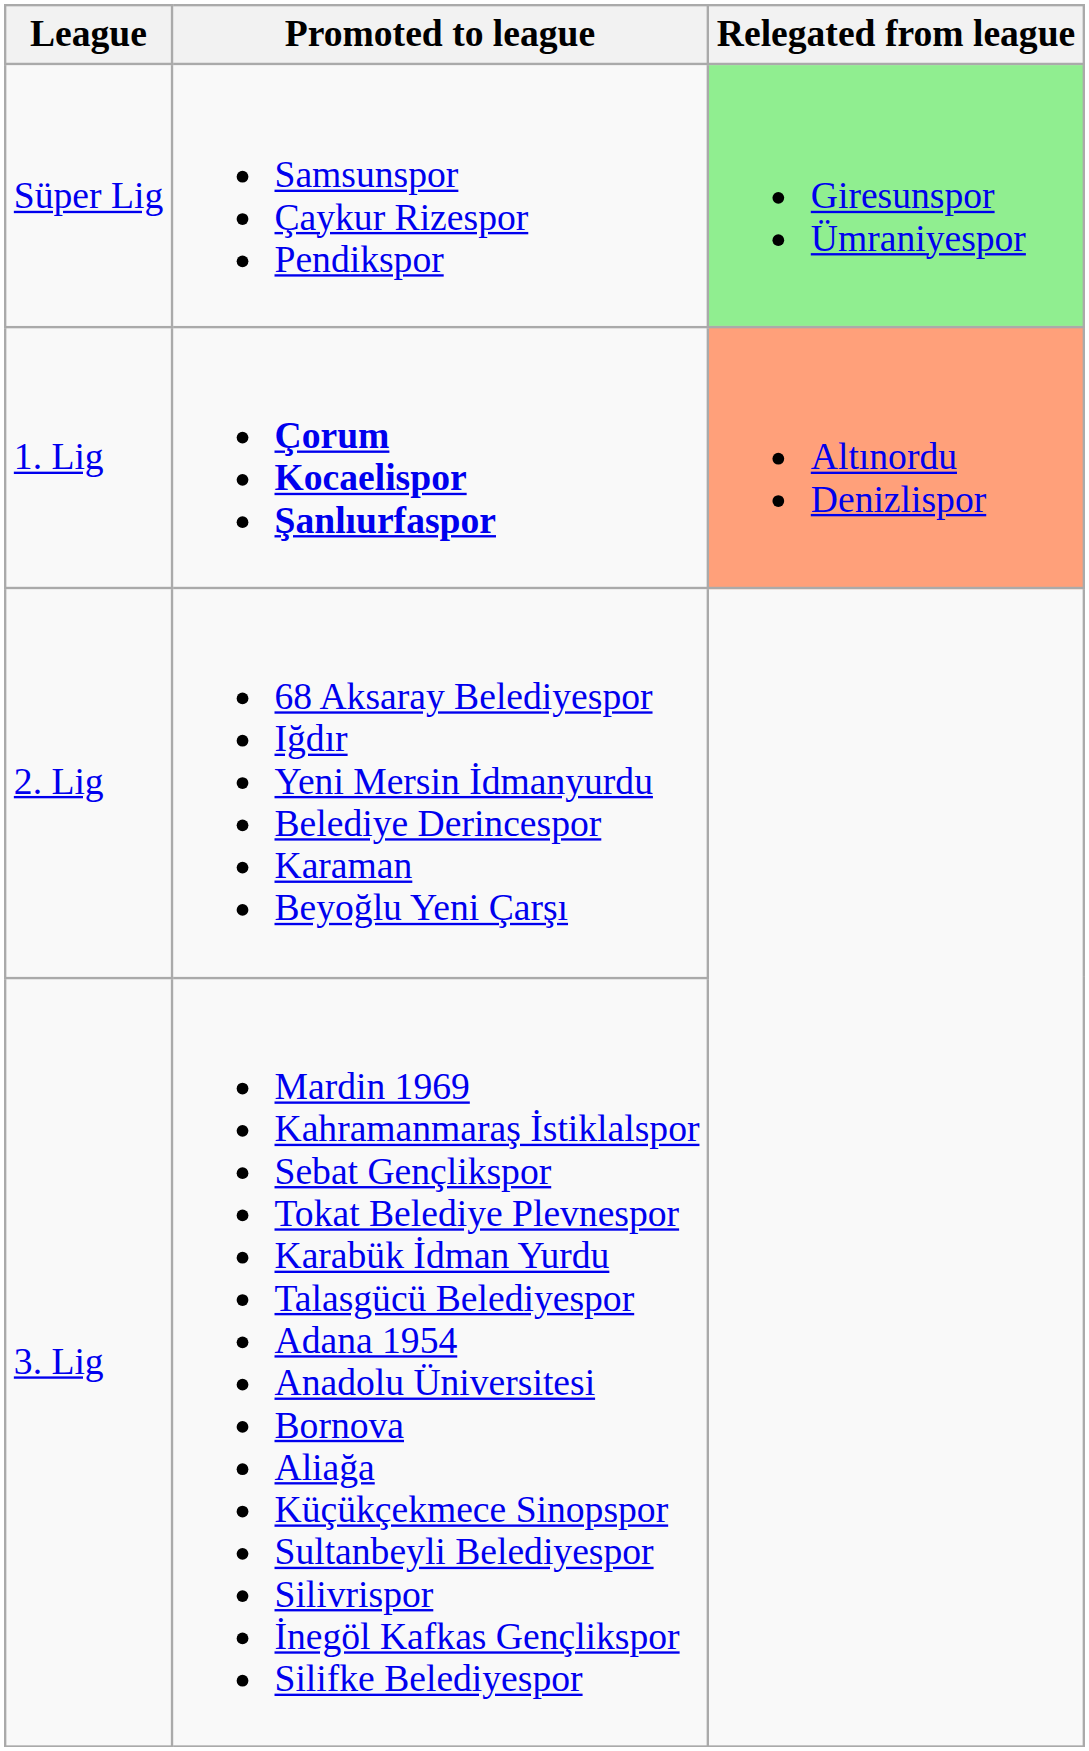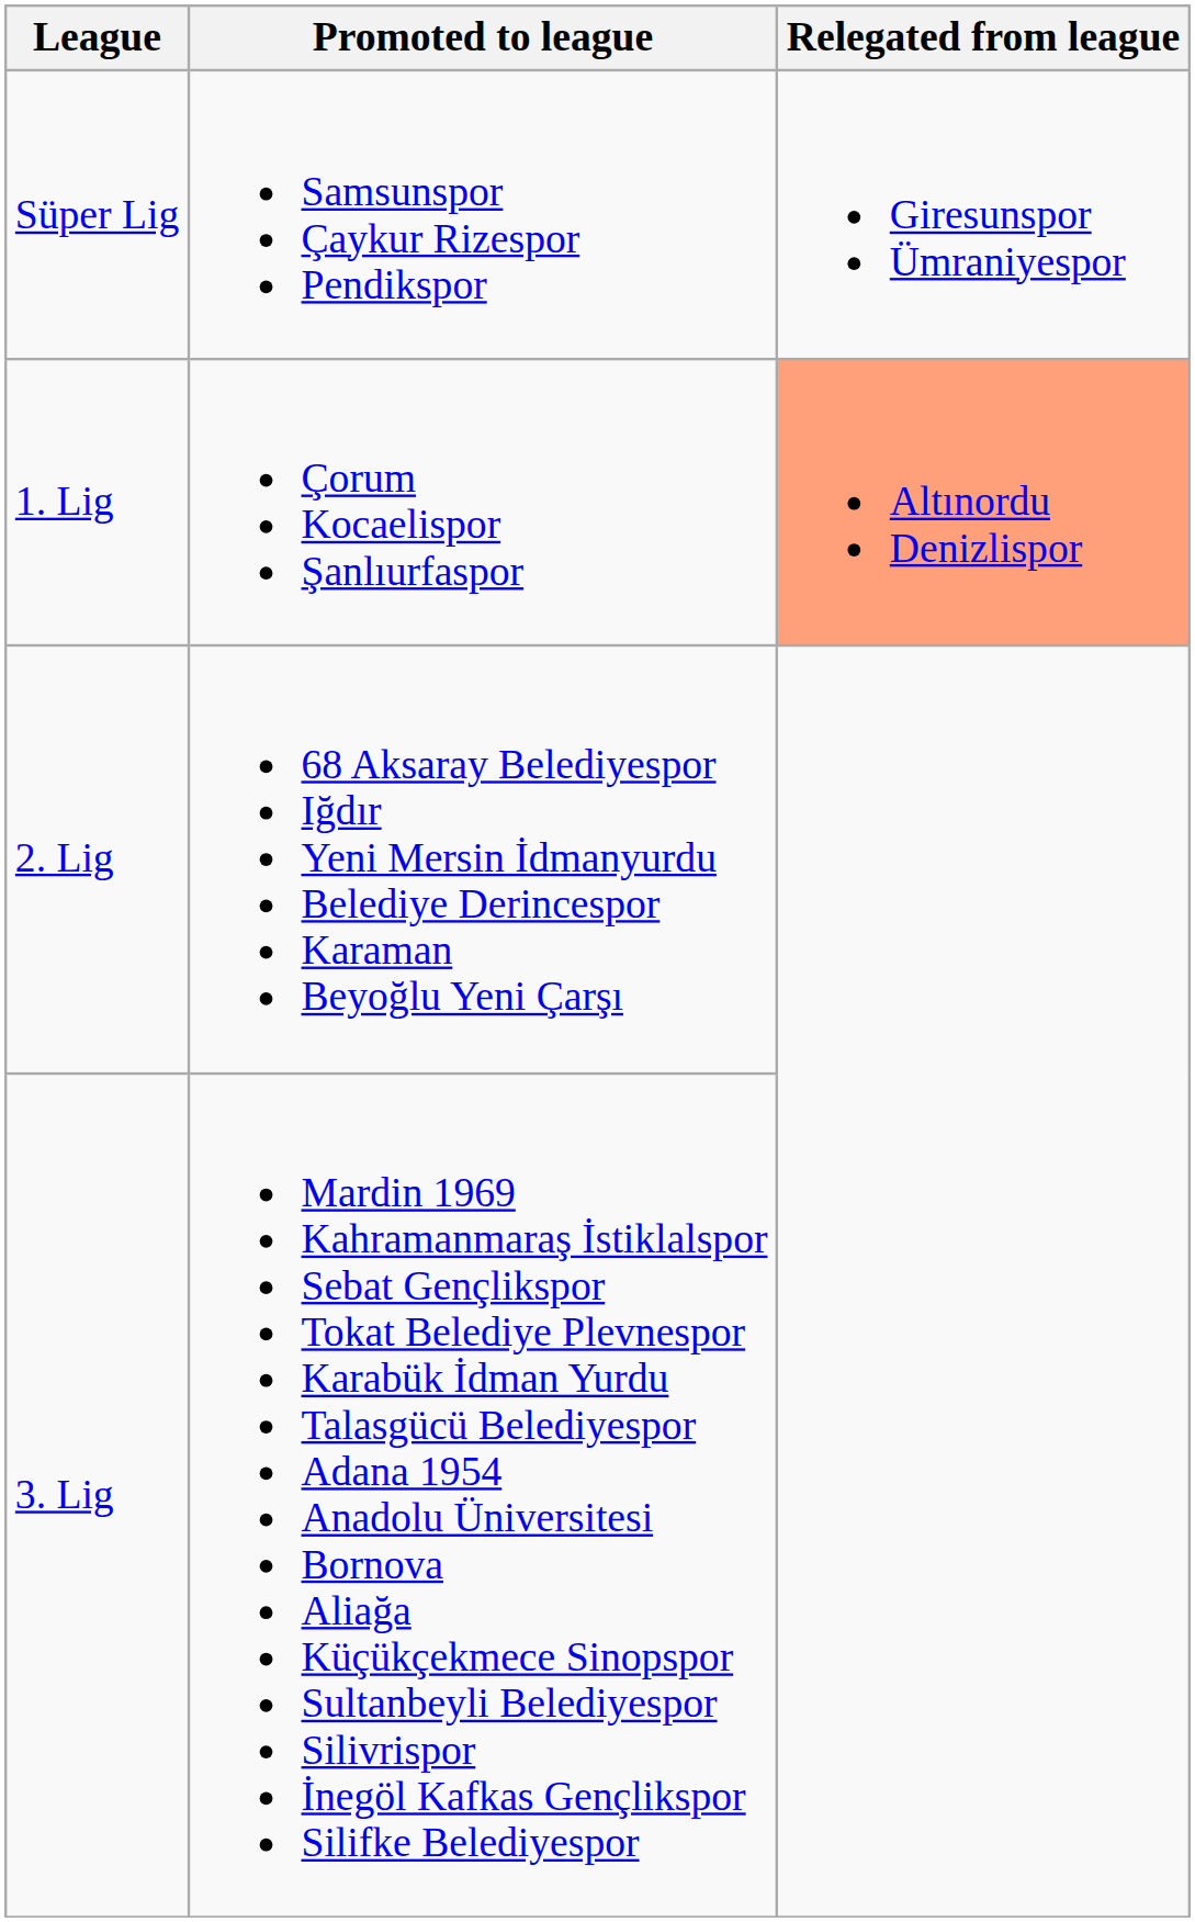 <table class="wikitable">
 <tr>
 <th>League</th>
 <th>Promoted to league</th>
 <th>Relegated from league</th>
 </tr>
 <tr>
 <td><a href='#'>Süper Lig</a></td>
 <td><br><ul><li><a href='#'>Samsunspor</a></li><li><a href='#'>Çaykur Rizespor</a></li><li><a href='#'>Pendikspor</a></li></ul></td>
-<td style="background: lightgreen;"><br><ul><li><a href='#'>Giresunspor</a></li><li><a href='#'>Ümraniyespor</a></li></ul></td>
+<td><br><ul><li><a href='#'>Giresunspor</a></li><li><a href='#'>Ümraniyespor</a></li></ul></td>
 </tr>
 <tr>
 <td><a href='#'>1. Lig</a></td>
-<td><strong><br><ul><li><a href='#'>Çorum</a></li><li><a href='#'>Kocaelispor</a></li><li><a href='#'>Şanlıurfaspor</a></li></ul></strong></td>
+<td><br><ul><li><a href='#'>Çorum</a></li><li><a href='#'>Kocaelispor</a></li><li><a href='#'>Şanlıurfaspor</a></li></ul></td>
 <td style="background: lightsalmon;"><br><ul><li><a href='#'>Altınordu</a></li><li><a href='#'>Denizlispor</a></li></ul></td>
 </tr>
 <tr>
 <td><a href='#'>2. Lig</a></td>
 <td><br><ul><li><a href='#'>68 Aksaray Belediyespor</a></li><li><a href='#'>Iğdır</a></li><li><a href='#'>Yeni Mersin İdmanyurdu</a></li><li><a href='#'>Belediye Derincespor</a></li><li><a href='#'>Karaman</a></li><li><a href='#'>Beyoğlu Yeni Çarşı</a></li></ul></td>
 </tr>
 <tr>
 <td><a href='#'>3. Lig</a></td>
 <td><br><ul><li><a href='#'>Mardin 1969</a></li><li><a href='#'>Kahramanmaraş İstiklalspor</a></li><li><a href='#'>Sebat Gençlikspor</a></li><li><a href='#'>Tokat Belediye Plevnespor</a></li><li><a href='#'>Karabük İdman Yurdu</a></li><li><a href='#'>Talasgücü Belediyespor</a></li><li><a href='#'>Adana 1954</a></li><li><a href='#'>Anadolu Üniversitesi</a></li><li><a href='#'>Bornova</a></li><li><a href='#'>Aliağa</a></li><li><a href='#'>Küçükçekmece Sinopspor</a></li><li><a href='#'>Sultanbeyli Belediyespor</a></li><li><a href='#'>Silivrispor</a></li><li><a href='#'>İnegöl Kafkas Gençlikspor</a></li><li><a href='#'>Silifke Belediyespor</a></li></ul></td>
 </tr>
 </table>
